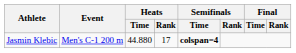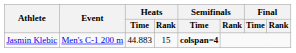 <table class=wikitable style="font-size:90%">
 <tr>
 <th rowspan="2">Athlete</th>
 <th rowspan="2">Event</th>
 <th colspan=2>Heats</th>
 <th colspan=2>Semifinals</th>
 <th colspan=2>Final</th>
 </tr>
 <tr style="font-size:95%">
 <th>Time</th>
 <th>Rank</th>
 <th>Time</th>
 <th>Rank</th>
 <th>Time</th>
 <th>Rank</th>
 </tr>
 <tr align=center>
 <td align=left><a href='#'>Jasmin Klebic</a></td>
 <td align=left><a href='#'>Men's C-1 200 m</a></td>
-<td>44.880</td>
-<td>17</td>
+<td>44.883</td>
+<td>15</td>
 <td><strong>colspan=4 </strong></td>
 </tr>
 </table>
